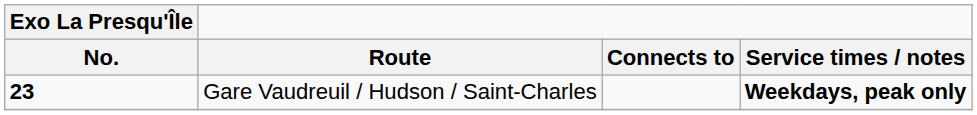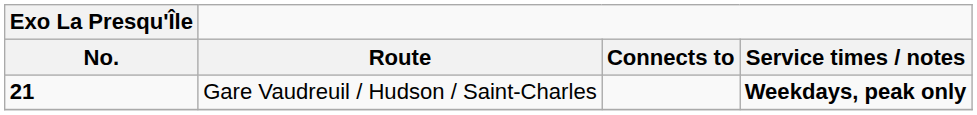 <table align=center class="wikitable">
 <tr>
 <th style="background: #">Exo La Presqu'Île</th>
 </tr>
 <tr>
 <th>No.</th>
 <th>Route</th>
 <th>Connects to</th>
 <th>Service times / notes</th>
 </tr>
 <tr>
-<td {{border> <strong>23</strong></td>
+<td {{border> <strong>21</strong></td>
 <td>Gare Vaudreuil / Hudson / Saint-Charles</td>
 <td></td>
 <td><strong>Weekdays, peak only</strong></td>
 </tr>
 <tr>
 </tr>
 </table>
